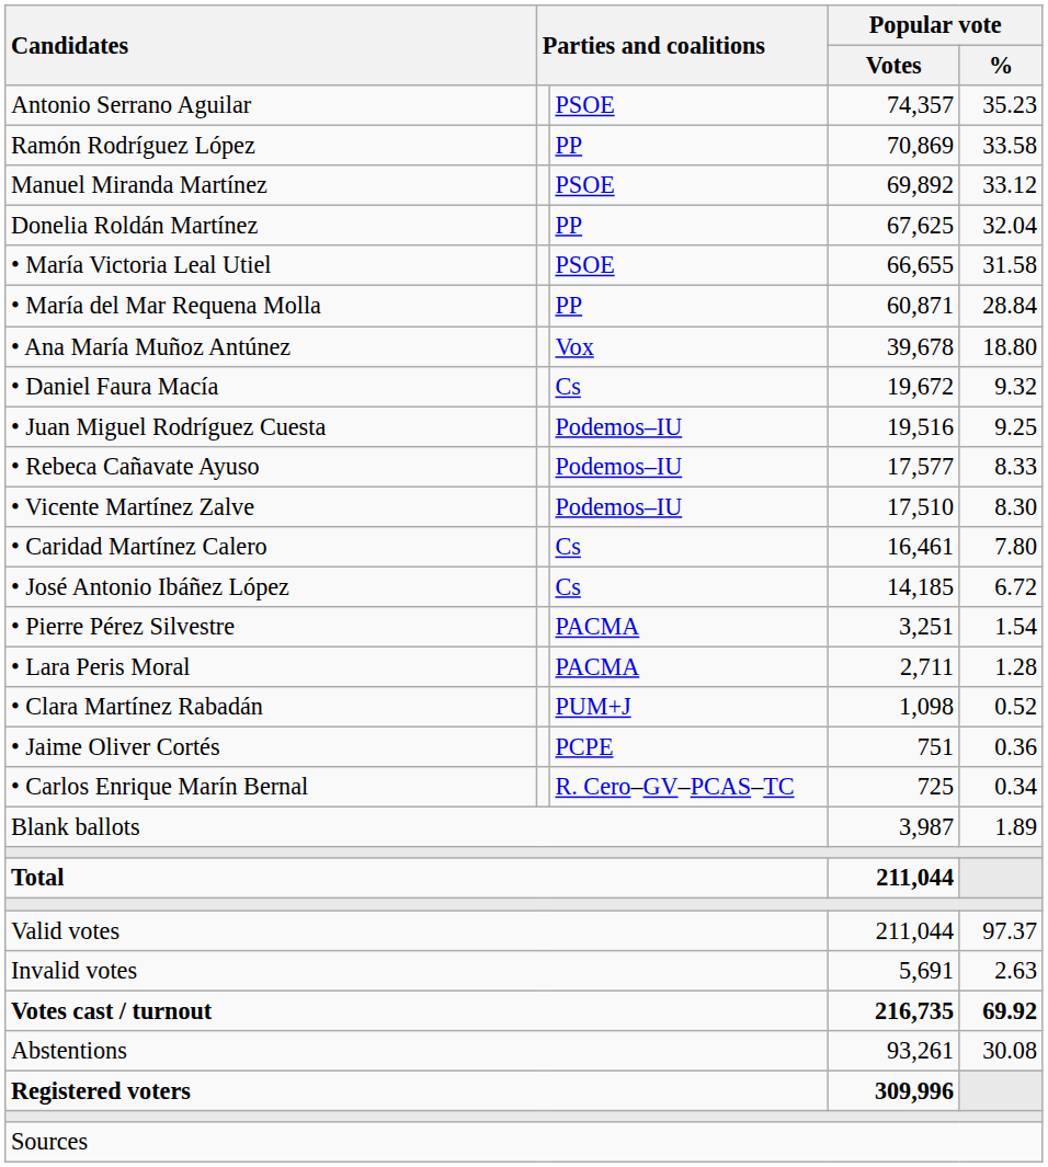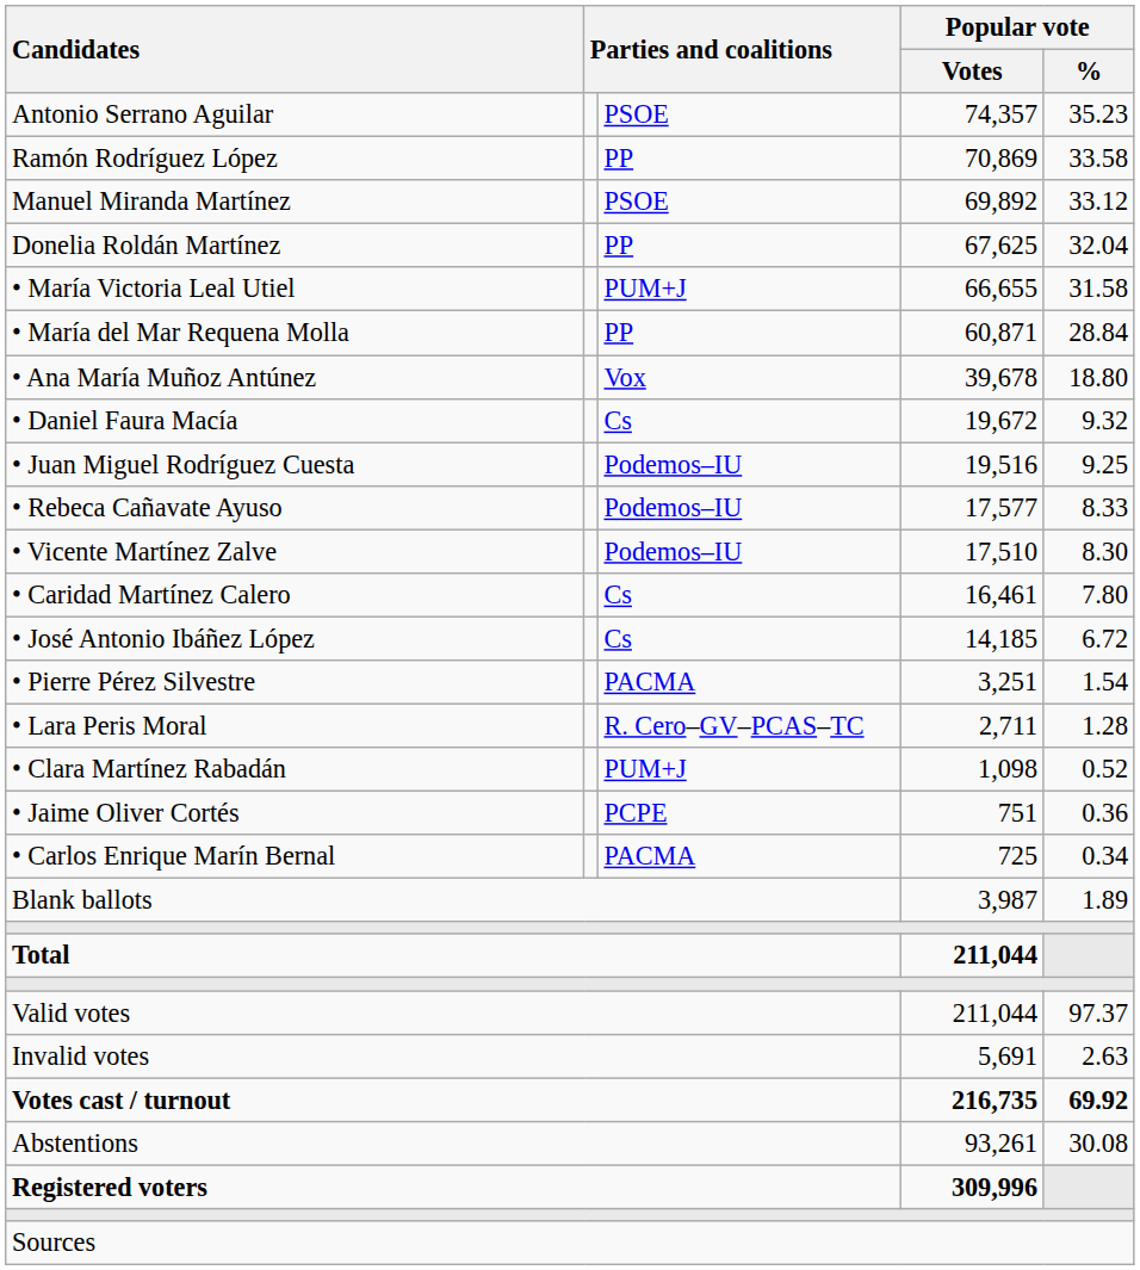 <table class="wikitable" style="text-align:right; font-size:95%;">
 <tr>
 <th style="text-align:left;" rowspan="2" width="325">Candidates</th>
 <th style="text-align:left;" rowspan="2" colspan="2" width="175">Parties and coalitions</th>
 <th colspan="2">Popular vote</th>
 </tr>
 <tr>
 <th width="75">Votes</th>
 <th width="45">%</th>
 </tr>
 <tr>
 <td align="left"> Antonio Serrano Aguilar</td>
 <td width="1" style="color:inherit;background:"></td>
 <td align="left"><a href='#'>PSOE</a></td>
 <td>74,357</td>
 <td>35.23</td>
 </tr>
 <tr>
 <td align="left"> Ramón Rodríguez López</td>
 <td style="color:inherit;background:"></td>
 <td align="left"><a href='#'>PP</a></td>
 <td>70,869</td>
 <td>33.58</td>
 </tr>
 <tr>
 <td align="left"> Manuel Miranda Martínez</td>
 <td style="color:inherit;background:"></td>
 <td align="left"><a href='#'>PSOE</a></td>
 <td>69,892</td>
 <td>33.12</td>
 </tr>
 <tr>
 <td align="left"> Donelia Roldán Martínez</td>
 <td style="color:inherit;background:"></td>
 <td align="left"><a href='#'>PP</a></td>
 <td>67,625</td>
 <td>32.04</td>
 </tr>
 <tr>
 <td align="left">• María Victoria Leal Utiel</td>
 <td style="color:inherit;background:"></td>
-<td align="left"><a href='#'>PSOE</a></td>
+<td align="left"><a href='#'>PUM+J</a></td>
 <td>66,655</td>
 <td>31.58</td>
 </tr>
 <tr>
 <td align="left">• María del Mar Requena Molla</td>
 <td style="color:inherit;background:"></td>
 <td align="left"><a href='#'>PP</a></td>
 <td>60,871</td>
 <td>28.84</td>
 </tr>
 <tr>
 <td align="left">• Ana María Muñoz Antúnez</td>
 <td style="color:inherit;background:"></td>
 <td align="left"><a href='#'>Vox</a></td>
 <td>39,678</td>
 <td>18.80</td>
 </tr>
 <tr>
 <td align="left">• Daniel Faura Macía</td>
 <td style="color:inherit;background:"></td>
 <td align="left"><a href='#'>Cs</a></td>
 <td>19,672</td>
 <td>9.32</td>
 </tr>
 <tr>
 <td align="left">• Juan Miguel Rodríguez Cuesta</td>
 <td style="color:inherit;background:"></td>
 <td align="left"><a href='#'>Podemos–IU</a></td>
 <td>19,516</td>
 <td>9.25</td>
 </tr>
 <tr>
 <td align="left">• Rebeca Cañavate Ayuso</td>
 <td style="color:inherit;background:"></td>
 <td align="left"><a href='#'>Podemos–IU</a></td>
 <td>17,577</td>
 <td>8.33</td>
 </tr>
 <tr>
 <td align="left">• Vicente Martínez Zalve</td>
 <td style="color:inherit;background:"></td>
 <td align="left"><a href='#'>Podemos–IU</a></td>
 <td>17,510</td>
 <td>8.30</td>
 </tr>
 <tr>
 <td align="left">• Caridad Martínez Calero</td>
 <td style="color:inherit;background:"></td>
 <td align="left"><a href='#'>Cs</a></td>
 <td>16,461</td>
 <td>7.80</td>
 </tr>
 <tr>
 <td align="left">• José Antonio Ibáñez López</td>
 <td style="color:inherit;background:"></td>
 <td align="left"><a href='#'>Cs</a></td>
 <td>14,185</td>
 <td>6.72</td>
 </tr>
 <tr>
 <td align="left">• Pierre Pérez Silvestre</td>
 <td style="color:inherit;background:"></td>
 <td align="left"><a href='#'>PACMA</a></td>
 <td>3,251</td>
 <td>1.54</td>
 </tr>
 <tr>
 <td align="left">• Lara Peris Moral</td>
 <td style="color:inherit;background:"></td>
-<td align="left"><a href='#'>PACMA</a></td>
+<td align="left"><a href='#'>R. Cero</a>–<a href='#'>GV</a>–<a href='#'>PCAS</a>–<a href='#'>TC</a></td>
 <td>2,711</td>
 <td>1.28</td>
 </tr>
 <tr>
 <td align="left">• Clara Martínez Rabadán</td>
 <td style="color:inherit;background:"></td>
 <td align="left"><a href='#'>PUM+J</a></td>
 <td>1,098</td>
 <td>0.52</td>
 </tr>
 <tr>
 <td align="left">• Jaime Oliver Cortés</td>
 <td style="color:inherit;background:"></td>
 <td align="left"><a href='#'>PCPE</a></td>
 <td>751</td>
 <td>0.36</td>
 </tr>
 <tr>
 <td align="left">• Carlos Enrique Marín Bernal</td>
 <td style="color:inherit;background:"></td>
-<td align="left"><a href='#'>R. Cero</a>–<a href='#'>GV</a>–<a href='#'>PCAS</a>–<a href='#'>TC</a></td>
+<td align="left"><a href='#'>PACMA</a></td>
 <td>725</td>
 <td>0.34</td>
 </tr>
 <tr>
 <td align="left" colspan="3">Blank ballots</td>
 <td>3,987</td>
 <td>1.89</td>
 </tr>
 <tr>
 <td colspan="5" bgcolor="#E9E9E9"></td>
 </tr>
 <tr style="font-weight:bold;">
 <td align="left" colspan="3">Total</td>
 <td>211,044</td>
 <td bgcolor="#E9E9E9"></td>
 </tr>
 <tr>
 <td colspan="5" bgcolor="#E9E9E9"></td>
 </tr>
 <tr>
 <td align="left" colspan="3">Valid votes</td>
 <td>211,044</td>
 <td>97.37</td>
 </tr>
 <tr>
 <td align="left" colspan="3">Invalid votes</td>
 <td>5,691</td>
 <td>2.63</td>
 </tr>
 <tr style="font-weight:bold;">
 <td align="left" colspan="3">Votes cast / turnout</td>
 <td>216,735</td>
 <td>69.92</td>
 </tr>
 <tr>
 <td align="left" colspan="3">Abstentions</td>
 <td>93,261</td>
 <td>30.08</td>
 </tr>
 <tr style="font-weight:bold;">
 <td align="left" colspan="3">Registered voters</td>
 <td>309,996</td>
 <td bgcolor="#E9E9E9"></td>
 </tr>
 <tr>
 <td colspan="5" bgcolor="#E9E9E9"></td>
 </tr>
 <tr>
 <td align="left" colspan="5">Sources</td>
 </tr>
 </table>
